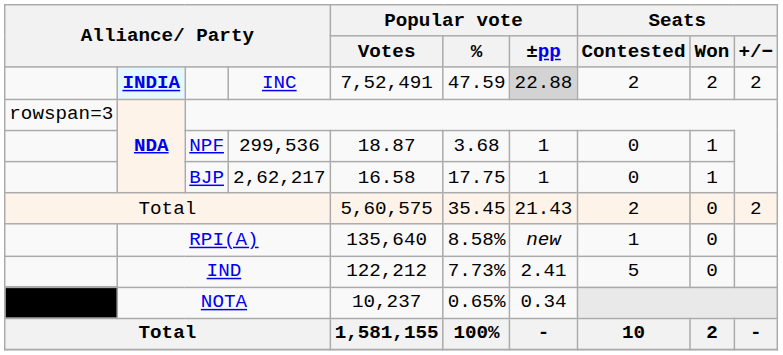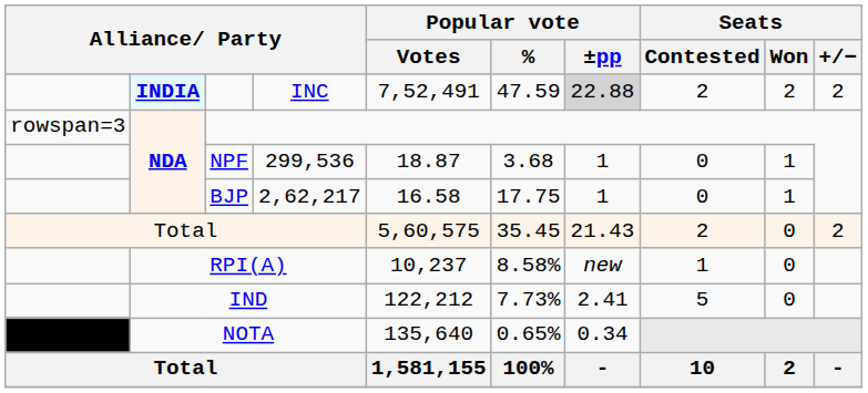 <table class="wikitable sortable" style="text-align:center;">
 <tr>
 <th colspan="4" rowspan="2">Alliance/ Party</th>
 <th colspan="3">Popular vote</th>
 <th colspan="3">Seats</th>
 </tr>
 <tr>
 <th>Votes</th>
 <th>%</th>
 <th>±<a href='#'>pp</a></th>
 <th>Contested</th>
 <th>Won</th>
 <th><strong>+/−</strong></th>
 </tr>
 <tr>
 <td></td>
 <th style="background:#E5F8FF"><a href='#'>INDIA</a></th>
 <td></td>
 <td><a href='#'>INC</a></td>
 <td>7,52,491</td>
 <td>47.59</td>
 <td style="background: lightgrey;"> 22.88</td>
 <td>2</td>
 <td>2</td>
 <td> 2</td>
 </tr>
 <tr>
 <td>rowspan=3 </td>
 <td rowspan=3 style="background:#fef3e8"><strong><a href='#'>NDA</a></strong></td>
 </tr>
 <tr>
 <td></td>
 <td><a href='#'>NPF</a></td>
 <td>299,536</td>
 <td>18.87</td>
 <td> 3.68</td>
 <td>1</td>
 <td>0</td>
 <td> 1</td>
 </tr>
 <tr>
 <td></td>
 <td><a href='#'>BJP</a></td>
 <td>2,62,217</td>
 <td>16.58</td>
 <td> 17.75</td>
 <td>1</td>
 <td>0</td>
 <td> 1</td>
 </tr>
 <tr>
 <td colspan="4" style="background:#fef3e8">Total</td>
 <td style="background:#fef3e8">5,60,575</td>
 <td style="background:#fef3e8">35.45</td>
 <td style="background:#fef3e8"> 21.43</td>
 <td style="background:#fef3e8">2</td>
 <td style="background:#fef3e8">0</td>
 <td style="background:#fef3e8"> 2</td>
 </tr>
 <tr>
 <td></td>
 <td colspan="3"><a href='#'>RPI(A)</a></td>
-<td>135,640</td>
+<td>10,237</td>
 <td>8.58%</td>
 <td><em>new</em></td>
 <td>1</td>
 <td>0</td>
 <td></td>
 </tr>
 <tr>
 <td></td>
 <td colspan="3"><a href='#'>IND</a></td>
 <td>122,212</td>
 <td>7.73%</td>
 <td> 2.41</td>
 <td>5</td>
 <td>0</td>
 <td></td>
 </tr>
 <tr>
 <td bgcolor="Black"></td>
 <td colspan="3"><a href='#'>NOTA</a></td>
-<td>10,237</td>
+<td>135,640</td>
 <td>0.65%</td>
 <td> 0.34</td>
 <th colspan="3" style="background-color:#E9E9E9"></th>
 </tr>
 <tr>
 <th colspan="4">Total</th>
 <th>1,581,155</th>
 <th>100%</th>
 <th>-</th>
 <th>10</th>
 <th>2</th>
 <th>-</th>
 </tr>
 <tr>
 </tr>
 </table>
